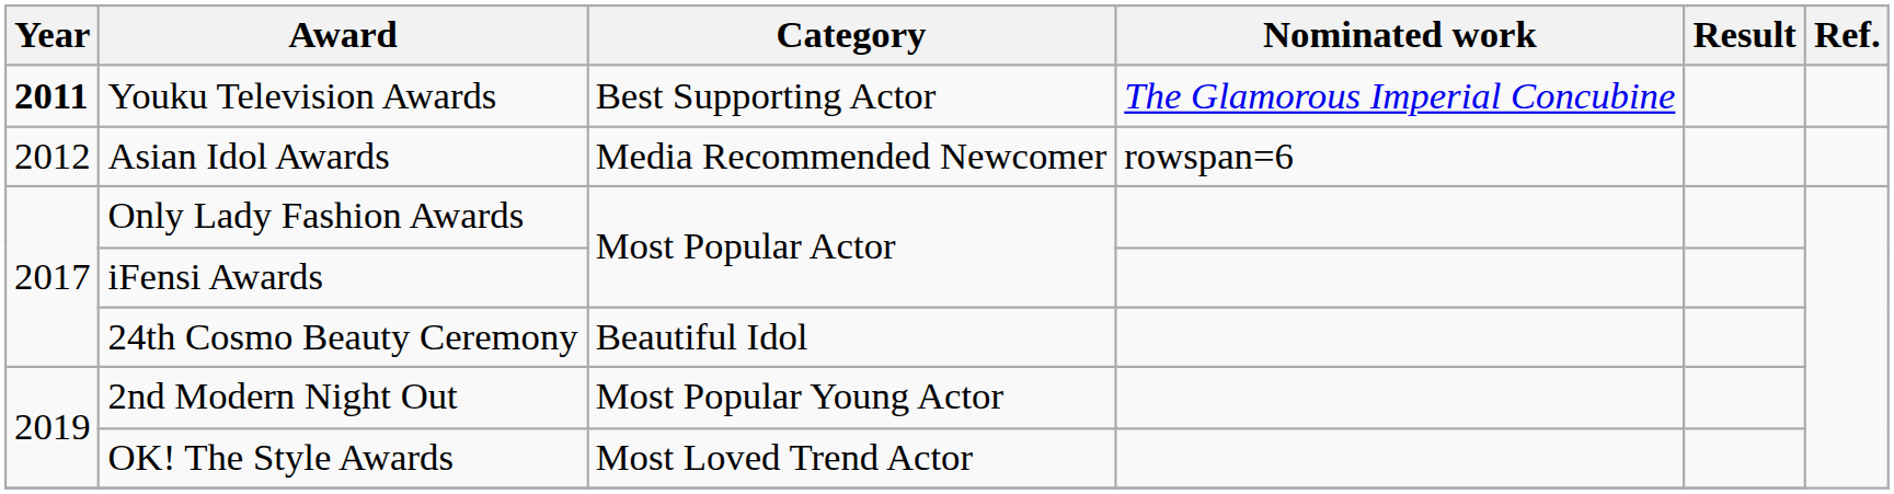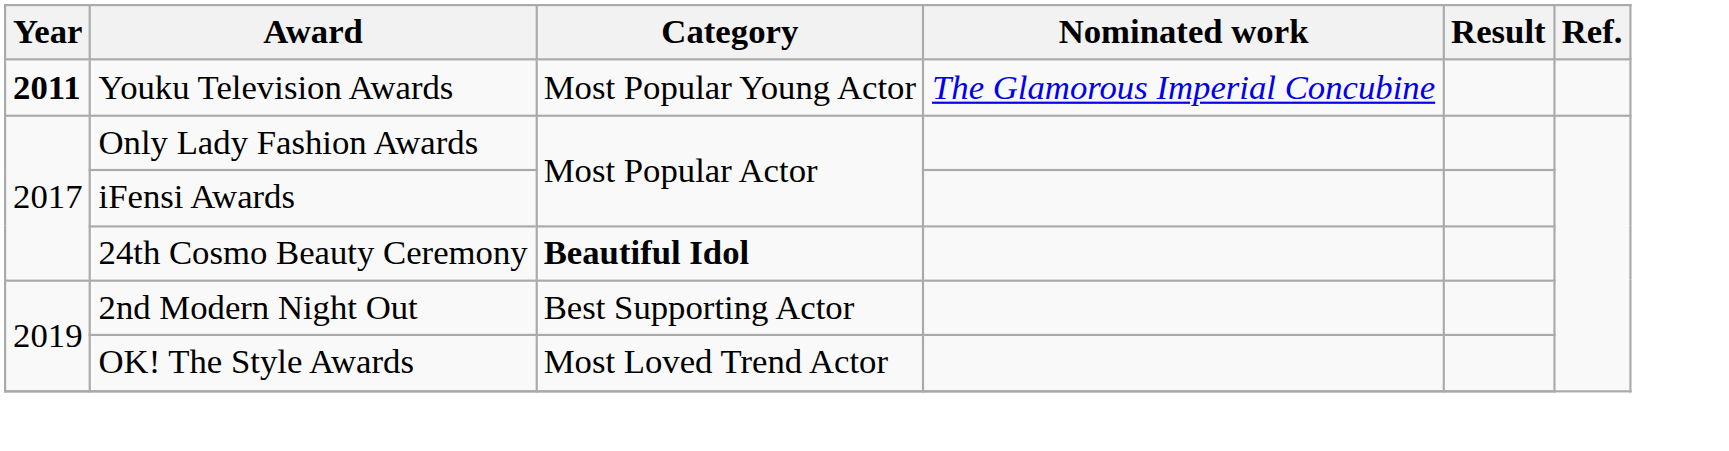 <table class="wikitable">
 <tr>
 <th>Year</th>
 <th>Award</th>
 <th>Category</th>
 <th>Nominated work</th>
 <th>Result</th>
 <th>Ref.</th>
 </tr>
 <tr>
 <td><strong>2011</strong></td>
 <td>Youku Television Awards</td>
-<td>Best Supporting Actor</td>
+<td>Most Popular Young Actor</td>
 <td><em><a href='#'>The Glamorous Imperial Concubine</a></em></td>
-<td></td>
-<td></td>
-</tr>
-<tr>
-<td>2012</td>
-<td>Asian Idol Awards</td>
-<td>Media Recommended Newcomer</td>
-<td>rowspan=6 </td>
 <td></td>
 <td></td>
 </tr>
 <tr>
 <td rowspan=3>2017</td>
 <td>Only Lady Fashion Awards</td>
 <td rowspan=2>Most Popular Actor</td>
 <td></td>
 <td></td>
 </tr>
 <tr>
 <td>iFensi Awards</td>
 <td></td>
 <td></td>
 </tr>
 <tr>
 <td>24th Cosmo Beauty Ceremony</td>
-<td>Beautiful Idol</td>
+<td><strong>Beautiful Idol</strong></td>
 <td></td>
 <td></td>
 </tr>
 <tr>
 <td rowspan=2>2019</td>
 <td>2nd Modern Night Out</td>
-<td>Most Popular Young Actor</td>
+<td>Best Supporting Actor</td>
 <td></td>
 <td></td>
 </tr>
 <tr>
 <td>OK! The Style Awards</td>
 <td>Most Loved Trend Actor</td>
 <td></td>
 <td></td>
 </tr>
 <tr>
 </tr>
 </table>
